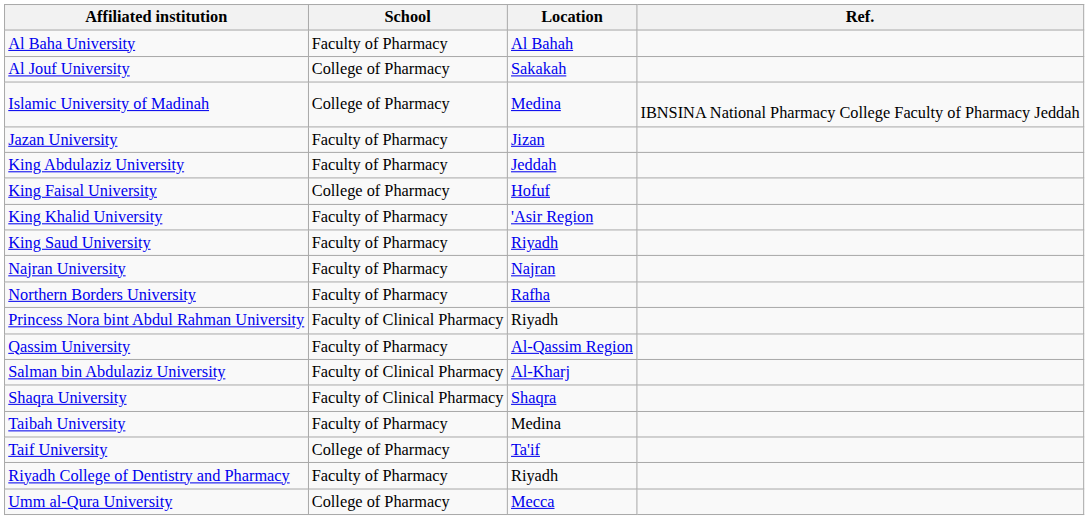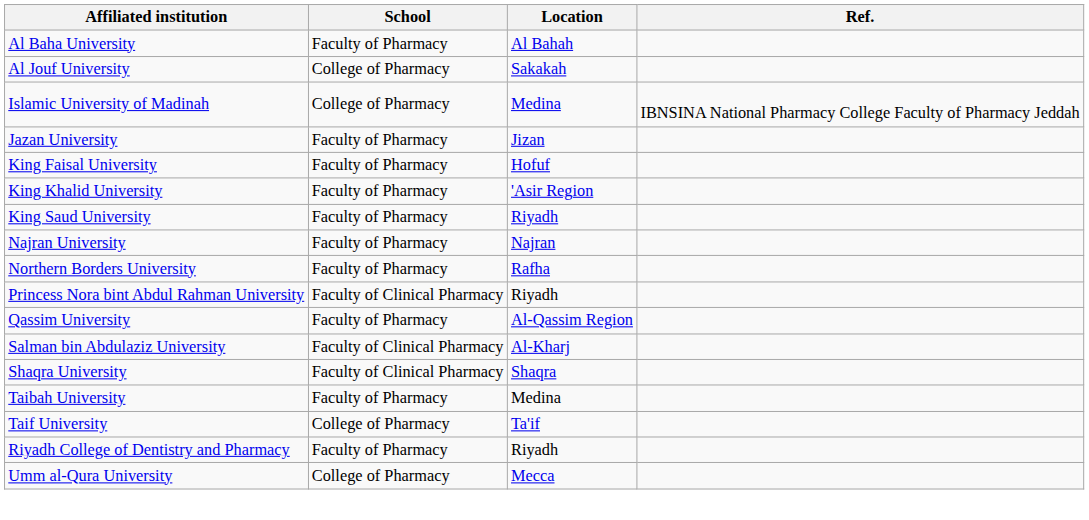 <table class="wikitable sortable">
 <tr>
 <th>Affiliated institution</th>
 <th>School</th>
 <th>Location</th>
 <th>Ref.</th>
 </tr>
 <tr>
 <td><a href='#'>Al Baha University</a></td>
 <td>Faculty of Pharmacy</td>
 <td><a href='#'>Al Bahah</a></td>
 <td></td>
 </tr>
 <tr>
 <td><a href='#'>Al Jouf University</a></td>
 <td>College of Pharmacy</td>
 <td><a href='#'>Sakakah</a></td>
 <td></td>
 </tr>
 <tr>
 <td><a href='#'>Islamic University of Madinah</a></td>
 <td>College of Pharmacy</td>
 <td><a href='#'>Medina</a></td>
 <td><br>IBNSINA National Pharmacy College Faculty of Pharmacy Jeddah</td>
 </tr>
 <tr>
 <td><a href='#'>Jazan University</a></td>
 <td>Faculty of Pharmacy</td>
 <td><a href='#'>Jizan</a></td>
 <td></td>
 </tr>
 <tr>
-<td><a href='#'>King Abdulaziz University</a></td>
+<td><a href='#'>King Faisal University</a></td>
 <td>Faculty of Pharmacy</td>
-<td><a href='#'>Jeddah</a></td>
-<td></td>
-</tr>
-<tr>
-<td><a href='#'>King Faisal University</a></td>
-<td>College of Pharmacy</td>
 <td><a href='#'>Hofuf</a></td>
 <td></td>
 </tr>
 <tr>
 <td><a href='#'>King Khalid University</a></td>
 <td>Faculty of Pharmacy</td>
 <td><a href='#'>'Asir Region</a></td>
 <td></td>
 </tr>
 <tr>
 <td><a href='#'>King Saud University</a></td>
 <td>Faculty of Pharmacy</td>
 <td><a href='#'>Riyadh</a></td>
 <td></td>
 </tr>
 <tr>
 <td><a href='#'>Najran University</a></td>
 <td>Faculty of Pharmacy</td>
 <td><a href='#'>Najran</a></td>
 <td></td>
 </tr>
 <tr>
 <td><a href='#'>Northern Borders University</a></td>
 <td>Faculty of Pharmacy</td>
 <td><a href='#'>Rafha</a></td>
 <td></td>
 </tr>
 <tr>
 <td><a href='#'>Princess Nora bint Abdul Rahman University</a></td>
 <td>Faculty of Clinical Pharmacy</td>
 <td>Riyadh</td>
 <td></td>
 </tr>
 <tr>
 <td><a href='#'>Qassim University</a></td>
 <td>Faculty of Pharmacy</td>
 <td><a href='#'>Al-Qassim Region</a></td>
 <td></td>
 </tr>
 <tr>
 <td><a href='#'>Salman bin Abdulaziz University</a></td>
 <td>Faculty of Clinical Pharmacy</td>
 <td><a href='#'>Al-Kharj</a></td>
 <td></td>
 </tr>
 <tr>
 <td><a href='#'>Shaqra University</a></td>
 <td>Faculty of Clinical Pharmacy</td>
 <td><a href='#'>Shaqra</a></td>
 <td></td>
 </tr>
 <tr>
 <td><a href='#'>Taibah University</a></td>
 <td>Faculty of Pharmacy</td>
 <td>Medina</td>
 <td></td>
 </tr>
 <tr>
 <td><a href='#'>Taif University</a></td>
 <td>College of Pharmacy</td>
 <td><a href='#'>Ta'if</a></td>
 <td></td>
 </tr>
 <tr>
 <td><a href='#'>Riyadh College of Dentistry and Pharmacy</a></td>
 <td>Faculty of Pharmacy</td>
 <td>Riyadh</td>
 <td></td>
 </tr>
 <tr>
 <td><a href='#'>Umm al-Qura University</a></td>
 <td>College of Pharmacy</td>
 <td><a href='#'>Mecca</a></td>
 <td></td>
 </tr>
 </table>
